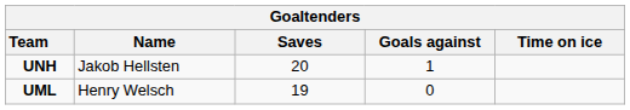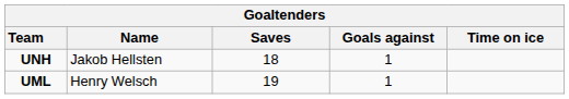 <table class="wikitable" style="width:40em; text-align:right;">
 <tr>
 <th colspan=5>Goaltenders</th>
 </tr>
 <tr>
 <th style="width:4em; text-align:left;">Team</th>
 <th style="width:10em;">Name</th>
 <th style="width:8em;">Saves</th>
 <th style="width:8em;">Goals against</th>
 <th style="width:8em;">Time on ice</th>
 </tr>
 <tr>
 <td align=center><strong>UNH</strong></td>
 <td style="text-align:left;">Jakob Hellsten</td>
-<td align=center>20</td>
+<td align=center>18</td>
 <td align=center>1</td>
 <td align=center></td>
 </tr>
 <tr>
 <td align=center><strong>UML</strong></td>
 <td style="text-align:left;">Henry Welsch</td>
 <td align=center>19</td>
-<td align=center>0</td>
+<td align=center>1</td>
 <td align=center></td>
 </tr>
 </table>
